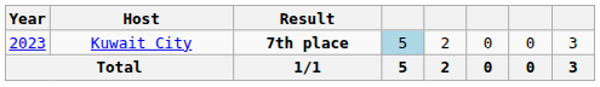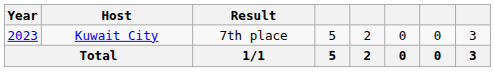 <table class="wikitable" style="text-align:center">
 <tr>
 <th width=30>Year</th>
 <th width=150>Host</th>
 <th width=120>Result</th>
 <th width=30></th>
 <th width=30></th>
 <th width=30></th>
 <th width=30></th>
 <th width=30></th>
 </tr>
 <tr>
 <td><a href='#'>2023</a></td>
 <td> <a href='#'>Kuwait City</a></td>
-<td><strong>7th place</strong></td>
-<td style="background: lightblue;">5</td>
+<td>7th place</td>
+<td>5</td>
 <td>2</td>
 <td>0</td>
 <td>0</td>
 <td>3</td>
 </tr>
 <tr>
 <th colspan=2>Total</th>
 <th>1/1</th>
 <th>5</th>
 <th>2</th>
 <th>0</th>
 <th>0</th>
 <th>3</th>
 </tr>
 </table>
